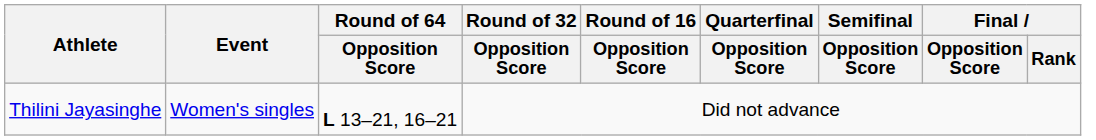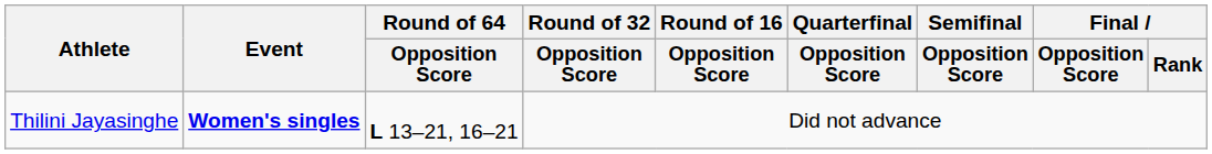 <table class=wikitable style="font-size:90%">
 <tr>
 <th rowspan="2">Athlete</th>
 <th rowspan="2">Event</th>
 <th>Round of 64</th>
 <th>Round of 32</th>
 <th>Round of 16</th>
 <th>Quarterfinal</th>
 <th>Semifinal</th>
 <th colspan=2>Final / </th>
 </tr>
 <tr style="font-size:95%">
 <th>Opposition<br>Score</th>
 <th>Opposition<br>Score</th>
 <th>Opposition<br>Score</th>
 <th>Opposition<br>Score</th>
 <th>Opposition<br>Score</th>
 <th>Opposition<br>Score</th>
 <th>Rank</th>
 </tr>
 <tr align=center>
 <td align=left><a href='#'>Thilini Jayasinghe</a></td>
-<td align=left><a href='#'>Women's singles</a></td>
+<td align=left><strong><a href='#'>Women's singles</a></strong></td>
 <td><br><strong>L</strong> 13–21, 16–21</td>
 <td colspan=6>Did not advance</td>
 </tr>
 </table>
